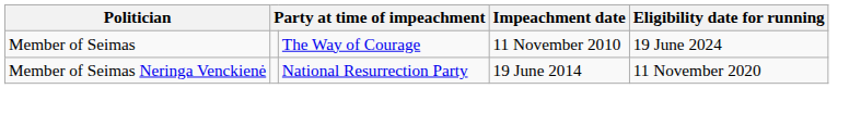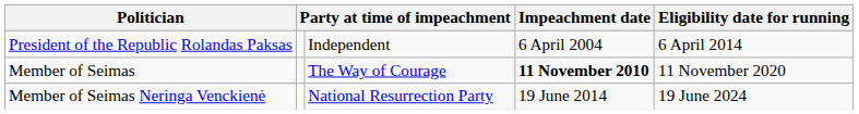 <table class="wikitable sortable" style="border: none;">
 <tr>
 <th>Politician</th>
 <th colspan="2">Party at time of impeachment</th>
 <th>Impeachment date</th>
 <th>Eligibility date for running</th>
 </tr>
 <tr>
+<td><a href='#'>President of the Republic</a> <a href='#'>Rolandas Paksas</a></td>
+<td style="background-color:"></td>
+<td>Independent</td>
+<td>6 April 2004</td>
+<td>6 April 2014</td>
+</tr>
+<tr>
 <td>Member of Seimas </td>
 <td style="background-color:"></td>
 <td><a href='#'>The Way of Courage</a></td>
-<td>11 November 2010</td>
-<td>19 June 2024</td>
+<td><strong>11 November 2010</strong></td>
+<td>11 November 2020</td>
 </tr>
 <tr>
 <td>Member of Seimas <a href='#'>Neringa Venckienė</a></td>
 <td style="background-color:"></td>
 <td><a href='#'>National Resurrection Party</a></td>
 <td>19 June 2014</td>
-<td>11 November 2020</td>
+<td>19 June 2024</td>
 </tr>
 <tr>
 </tr>
 </table>
